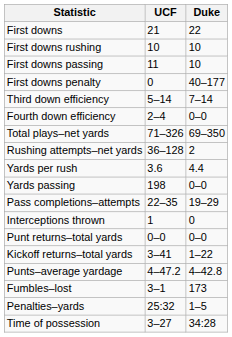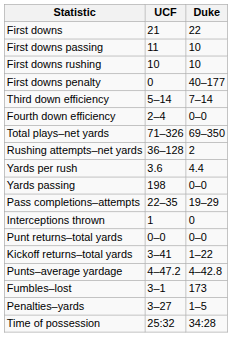 <table class="wikitable">
 <tr>
 <th>Statistic</th>
 <th><strong>UCF</strong></th>
 <th><strong>Duke</strong></th>
 </tr>
 <tr>
 <td>First downs</td>
 <td>21</td>
 <td>22</td>
 </tr>
 <tr>
-<td>First downs rushing</td>
-<td>10</td>
+<td>First downs passing</td>
+<td>11</td>
 <td>10</td>
 </tr>
 <tr>
-<td>First downs passing</td>
-<td>11</td>
+<td>First downs rushing</td>
+<td>10</td>
 <td>10</td>
 </tr>
 <tr>
 <td>First downs penalty</td>
 <td>0</td>
 <td>40–177</td>
 </tr>
 <tr>
 <td>Third down efficiency</td>
 <td>5–14</td>
 <td>7–14</td>
 </tr>
 <tr>
 <td>Fourth down efficiency</td>
 <td>2–4</td>
 <td>0–0</td>
 </tr>
 <tr>
 <td>Total plays–net yards</td>
 <td>71–326</td>
 <td>69–350</td>
 </tr>
 <tr>
 <td>Rushing attempts–net yards</td>
 <td>36–128</td>
 <td>2</td>
 </tr>
 <tr>
 <td>Yards per rush</td>
 <td>3.6</td>
 <td>4.4</td>
 </tr>
 <tr>
 <td>Yards passing</td>
 <td>198</td>
 <td>0–0</td>
 </tr>
 <tr>
 <td>Pass completions–attempts</td>
 <td>22–35</td>
 <td>19–29</td>
 </tr>
 <tr>
 <td>Interceptions thrown</td>
 <td>1</td>
 <td>0</td>
 </tr>
 <tr>
 <td>Punt returns–total yards</td>
 <td>0–0</td>
 <td>0–0</td>
 </tr>
 <tr>
 <td>Kickoff returns–total yards</td>
 <td>3–41</td>
 <td>1–22</td>
 </tr>
 <tr>
 <td>Punts–average yardage</td>
 <td>4–47.2</td>
 <td>4–42.8</td>
 </tr>
 <tr>
 <td>Fumbles–lost</td>
 <td>3–1</td>
 <td>173</td>
 </tr>
 <tr>
 <td>Penalties–yards</td>
-<td>25:32</td>
+<td>3–27</td>
 <td>1–5</td>
 </tr>
 <tr>
 <td>Time of possession</td>
-<td>3–27</td>
+<td>25:32</td>
 <td>34:28</td>
 </tr>
 </table>
